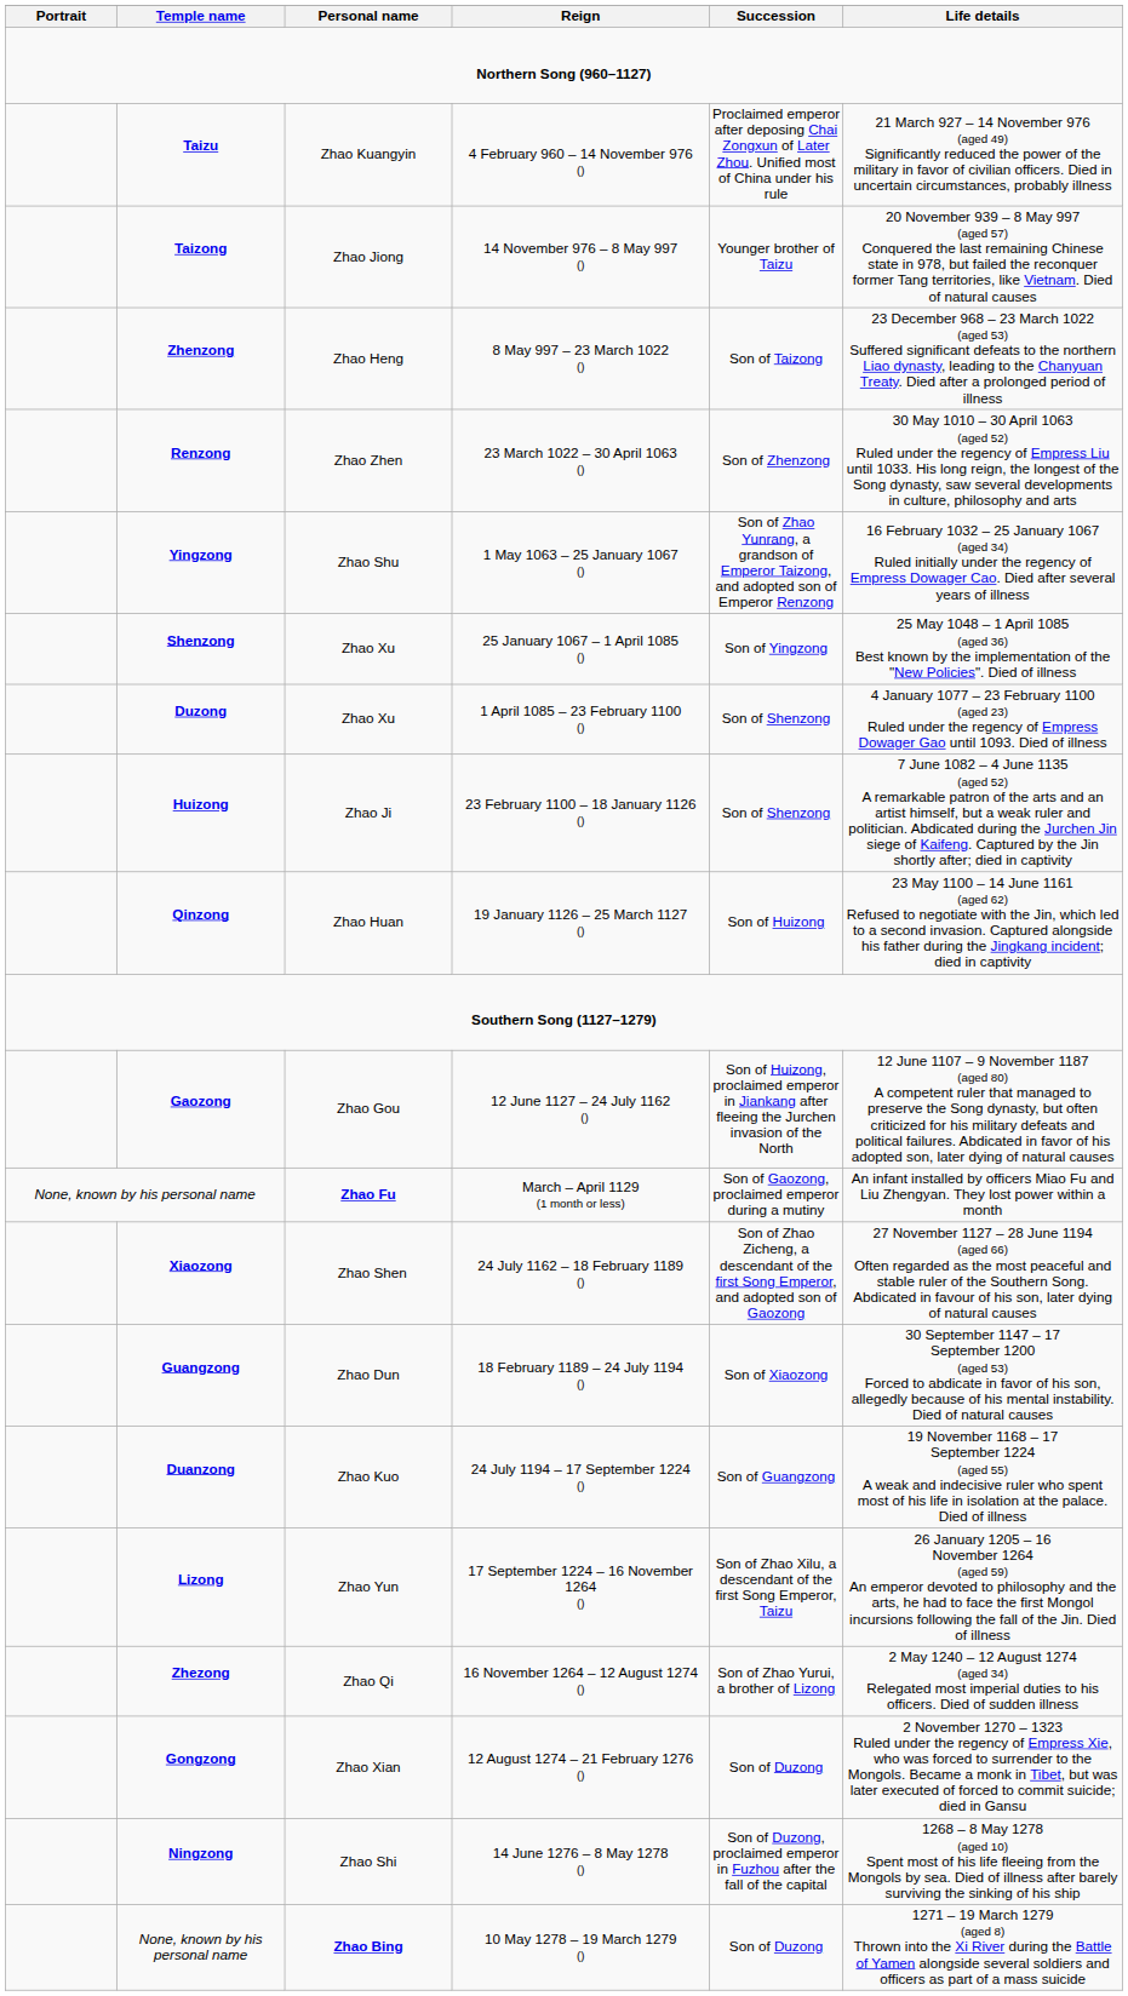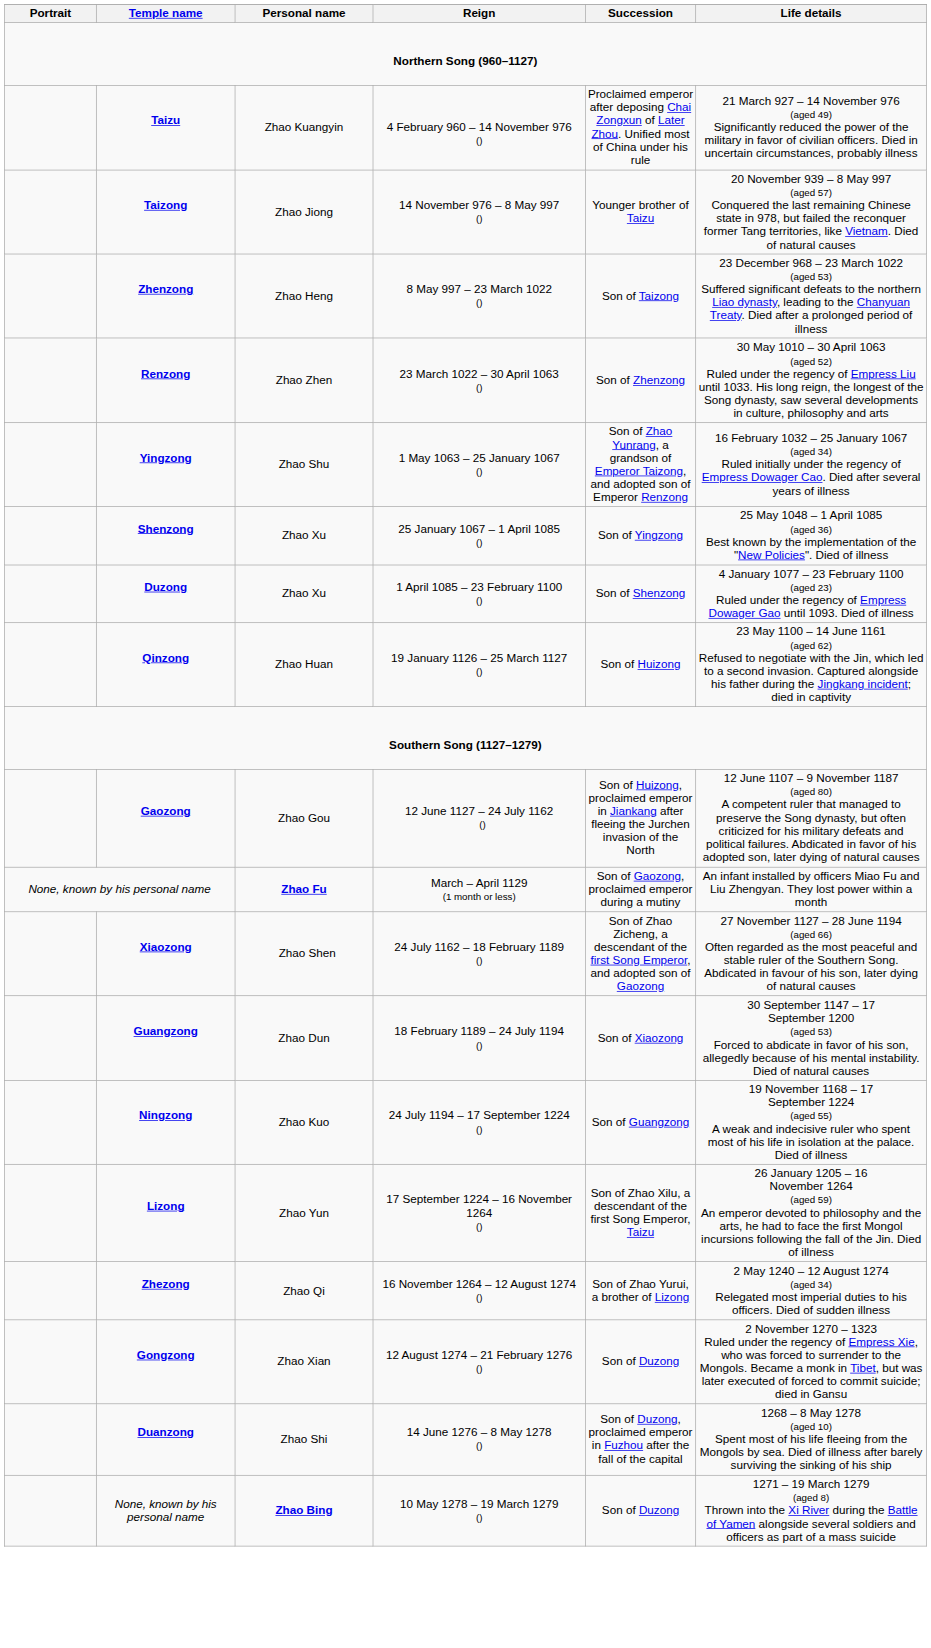 <table class="wikitable plainrowheaders" style="text-align:center; width:100%;">
 <tr>
 </tr>
 <tr>
 <th scope="col" width="10%">Portrait</th>
 <th scope="col" width="15%"><a href='#'>Temple name</a></th>
 <th scope="col" width="15%">Personal name</th>
 <th scope="col" width="23%">Reign</th>
 <th scope="col" width="12%">Succession</th>
 <th scope="col" width="25%">Life details</th>
 </tr>
 <tr>
 <td colspan="6"><br><h4>Northern Song (960–1127)</h4></td>
 </tr>
 <tr>
 <td></td>
 <td><strong><a href='#'>Taizu</a></strong><br><br><small></small></td>
 <td>Zhao Kuangyin<br></td>
 <td><br>4 February 960 – 14 November 976<br><small>()</small><br><small></small></td>
 <td>Proclaimed emperor after deposing <a href='#'>Chai Zongxun</a> of <a href='#'>Later Zhou</a>. Unified most of China under his rule</td>
 <td>21 March 927 – 14 November 976<br><small>(aged 49)</small><br>Significantly reduced the power of the military in favor of civilian officers. Died in uncertain circumstances, probably illness</td>
 </tr>
 <tr>
 <td></td>
 <td><strong><a href='#'>Taizong</a></strong><br><br><small></small></td>
 <td>Zhao Jiong<br></td>
 <td>14 November 976 – 8 May 997<br><small>()</small><br><small></small></td>
 <td>Younger brother of <a href='#'>Taizu</a></td>
 <td>20 November 939 – 8 May 997<br><small>(aged 57)</small><br>Conquered the last remaining Chinese state in 978, but failed the reconquer former Tang territories, like <a href='#'>Vietnam</a>. Died of natural causes</td>
 </tr>
 <tr>
 <td></td>
 <td><strong><a href='#'>Zhenzong</a></strong><br><br><small></small></td>
 <td>Zhao Heng<br></td>
 <td>8 May 997 – 23 March 1022<br><small>()</small><br><small></small></td>
 <td>Son of <a href='#'>Taizong</a></td>
 <td>23 December 968 – 23 March 1022<br><small>(aged 53)</small><br>Suffered significant defeats to the northern <a href='#'>Liao dynasty</a>, leading to the <a href='#'>Chanyuan Treaty</a>. Died after a prolonged period of illness</td>
 </tr>
 <tr>
 <td></td>
 <td><strong><a href='#'>Renzong</a></strong><br><br><small></small></td>
 <td>Zhao Zhen<br></td>
 <td>23 March 1022 – 30 April 1063<br><small>()</small><br><small></small></td>
 <td>Son of <a href='#'>Zhenzong</a></td>
 <td>30 May 1010 – 30 April 1063<br><small>(aged 52)</small><br>Ruled under the regency of <a href='#'>Empress Liu</a> until 1033. His long reign, the longest of the Song dynasty, saw several developments in culture, philosophy and arts</td>
 </tr>
 <tr>
 <td></td>
 <td><strong><a href='#'>Yingzong</a></strong><br><br><small></small></td>
 <td>Zhao Shu<br></td>
 <td>1 May 1063 – 25 January 1067<br><small>()</small><br><small></small></td>
 <td>Son of <a href='#'>Zhao Yunrang</a>, a grandson of <a href='#'>Emperor Taizong</a>, and adopted son of Emperor <a href='#'>Renzong</a></td>
 <td>16 February 1032 – 25 January 1067<br><small>(aged 34)</small><br>Ruled initially under the regency of <a href='#'>Empress Dowager Cao</a>. Died after several years of illness</td>
 </tr>
 <tr>
 <td></td>
 <td><strong><a href='#'>Shenzong</a></strong><br><br><small></small></td>
 <td>Zhao Xu<br></td>
 <td>25 January 1067 – 1 April 1085<br><small>()</small><br><small></small></td>
 <td>Son of <a href='#'>Yingzong</a></td>
 <td>25 May 1048 – 1 April 1085<br><small>(aged 36)</small><br>Best known by the implementation of the "<a href='#'>New Policies</a>". Died of illness</td>
 </tr>
 <tr>
 <td></td>
 <td><strong><a href='#'>Duzong</a></strong><br><br><small></small></td>
 <td>Zhao Xu<br></td>
 <td>1 April 1085 – 23 February 1100<br><small>()</small><br><small></small></td>
 <td>Son of <a href='#'>Shenzong</a></td>
 <td>4 January 1077 – 23 February 1100<br><small>(aged 23)</small><br>Ruled under the regency of <a href='#'>Empress Dowager Gao</a> until 1093. Died of illness</td>
 </tr>
 <tr>
 <td></td>
-<td><strong><a href='#'>Huizong</a></strong><br><br><small></small></td>
-<td>Zhao Ji<br></td>
-<td>23 February 1100 – 18 January 1126<br><small>()</small><br><small></small></td>
-<td>Son of <a href='#'>Shenzong</a></td>
-<td>7 June 1082 – 4 June 1135<br><small>(aged 52)</small><br>A remarkable patron of the arts and an artist himself, but a weak ruler and politician. Abdicated during the <a href='#'>Jurchen Jin</a> siege of <a href='#'>Kaifeng</a>. Captured by the Jin shortly after; died in captivity</td>
-</tr>
-<tr>
-<td></td>
 <td><strong><a href='#'>Qinzong</a></strong><br><br><small></small></td>
 <td>Zhao Huan<br></td>
 <td>19 January 1126 – 25 March 1127<br><small>()</small><br><small></small></td>
 <td>Son of <a href='#'>Huizong</a></td>
 <td>23 May 1100 – 14 June 1161<br><small>(aged 62)</small><br>Refused to negotiate with the Jin, which led to a second invasion. Captured alongside his father during the <a href='#'>Jingkang incident</a>; died in captivity</td>
 </tr>
 <tr>
 <td colspan="6"><br><h4>Southern Song (1127–1279)</h4></td>
 </tr>
 <tr>
 <td></td>
 <td><strong><a href='#'>Gaozong</a></strong><br><br><small></small></td>
 <td>Zhao Gou<br></td>
 <td>12 June 1127 – 24 July 1162<br>  <small>()</small><br><small></small></td>
 <td>Son of <a href='#'>Huizong</a>, proclaimed emperor in <a href='#'>Jiankang</a> after fleeing the Jurchen invasion of the North</td>
 <td>12 June 1107 – 9 November 1187<br><small>(aged 80)</small><br>A competent ruler that managed to preserve the Song dynasty, but often criticized for his military defeats and political failures. Abdicated in favor of his adopted son, later dying of natural causes</td>
 </tr>
 <tr>
 <td colspan=2><em>None, known by his personal name</em></td>
 <td><strong><a href='#'>Zhao Fu</a></strong><br></td>
 <td>March – April 1129<br><small>(1 month or less)</small><br><small></small></td>
 <td>Son of <a href='#'>Gaozong</a>, proclaimed emperor during a mutiny</td>
 <td>An infant installed by officers Miao Fu and Liu Zhengyan. They lost power within a month</td>
 </tr>
 <tr>
 <td></td>
 <td><strong><a href='#'>Xiaozong</a></strong><br><br><small></small></td>
 <td>  Zhao Shen<br></td>
 <td>24 July 1162 – 18 February 1189<br><small>()</small><br><small></small></td>
 <td>Son of Zhao Zicheng, a descendant of the <a href='#'>first Song Emperor</a>, and adopted son of <a href='#'>Gaozong</a></td>
 <td>27 November 1127 – 28 June 1194<br><small>(aged 66)</small><br>Often regarded as the most peaceful and stable ruler of the Southern Song. Abdicated in favour of his son, later dying of natural causes</td>
 </tr>
 <tr>
 <td></td>
 <td><strong><a href='#'>Guangzong</a></strong><br><br><small></small></td>
 <td>Zhao Dun<br></td>
 <td>18 February 1189 – 24 July 1194<br><small>()</small><br><small></small></td>
 <td>Son of <a href='#'>Xiaozong</a></td>
 <td>30 September 1147 – 17<br>September 1200<br><small>(aged 53)</small><br>Forced to abdicate in favor of his son, allegedly because of his mental instability. Died of natural causes</td>
 </tr>
 <tr>
 <td></td>
-<td><strong><a href='#'>Duanzong</a></strong><br><br><small></small></td>
+<td><strong><a href='#'>Ningzong</a></strong><br><br><small></small></td>
 <td>Zhao Kuo<br></td>
 <td>24 July 1194 – 17 September 1224<br><small>()</small><br><small></small></td>
 <td>Son of <a href='#'>Guangzong</a></td>
 <td>19 November 1168 – 17<br>September 1224<br><small>(aged 55)</small><br>A weak and indecisive ruler who spent most of his life in isolation at the palace. Died of illness</td>
 </tr>
 <tr>
 <td></td>
 <td><strong><a href='#'>Lizong</a></strong><br><br><small></small></td>
 <td>Zhao Yun<br></td>
 <td>17 September 1224 – 16 November 1264<br><small>()<br></small></td>
 <td>Son of Zhao Xilu, a descendant of the first Song Emperor, <a href='#'>Taizu</a></td>
 <td>26 January 1205 – 16<br>November 1264<br><small>(aged 59)</small><br>An emperor devoted to philosophy and the arts, he had to face the first Mongol incursions following the fall of the Jin. Died of illness</td>
 </tr>
 <tr>
 <td></td>
 <td><strong><a href='#'>Zhezong</a></strong><br><br><small></small></td>
 <td>Zhao Qi<br></td>
 <td>16 November 1264 – 12 August 1274<br><small>()<br></small></td>
 <td>Son of Zhao Yurui, a brother of <a href='#'>Lizong</a></td>
 <td>2 May 1240 – 12 August 1274<br><small>(aged 34)</small><br>Relegated most imperial duties to his officers. Died of sudden illness</td>
 </tr>
 <tr>
 <td></td>
 <td><strong><a href='#'>Gongzong</a></strong><br><br><small></small></td>
 <td>Zhao Xian<br></td>
 <td>12 August 1274 – 21 February 1276<br><small>()<br></small></td>
 <td>Son of <a href='#'>Duzong</a></td>
 <td>2 November 1270 – 1323<br>Ruled under the regency of <a href='#'>Empress Xie</a>, who was forced to surrender to the Mongols. Became a monk in <a href='#'>Tibet</a>, but was later executed of forced to commit suicide; died in Gansu</td>
 </tr>
 <tr>
 <td></td>
-<td><strong><a href='#'>Ningzong</a></strong><br><br><small></small></td>
+<td><strong><a href='#'>Duanzong</a></strong><br><br><small></small></td>
 <td>Zhao Shi<br></td>
 <td>14 June 1276 – 8 May 1278<br><small>()<br></small></td>
 <td>Son of <a href='#'>Duzong</a>, proclaimed emperor in <a href='#'>Fuzhou</a> after the fall of the capital</td>
 <td>1268 – 8 May 1278<br><small>(aged 10)</small><br>Spent most of his life fleeing from the Mongols by sea. Died of illness after barely surviving the sinking of his ship</td>
 </tr>
 <tr>
 <td></td>
 <td><em>None, known by his personal name</em></td>
 <td><strong><a href='#'>Zhao Bing</a></strong><br></td>
 <td>10 May 1278 – 19 March 1279<br><small>()<br></small></td>
 <td>Son of <a href='#'>Duzong</a></td>
 <td>1271 – 19 March 1279<br><small>(aged 8)</small><br>Thrown into the <a href='#'>Xi River</a> during the <a href='#'>Battle of Yamen</a> alongside several soldiers and officers as part of a mass suicide</td>
 </tr>
 </table>
